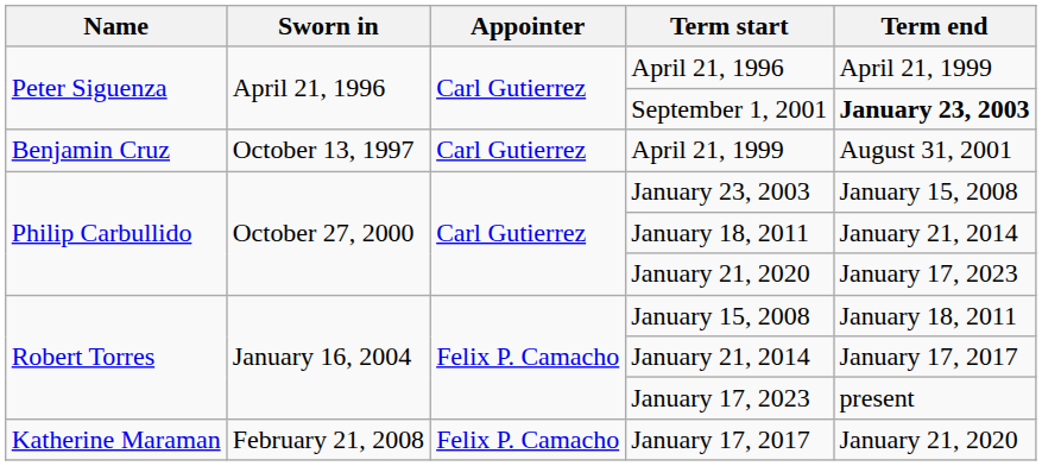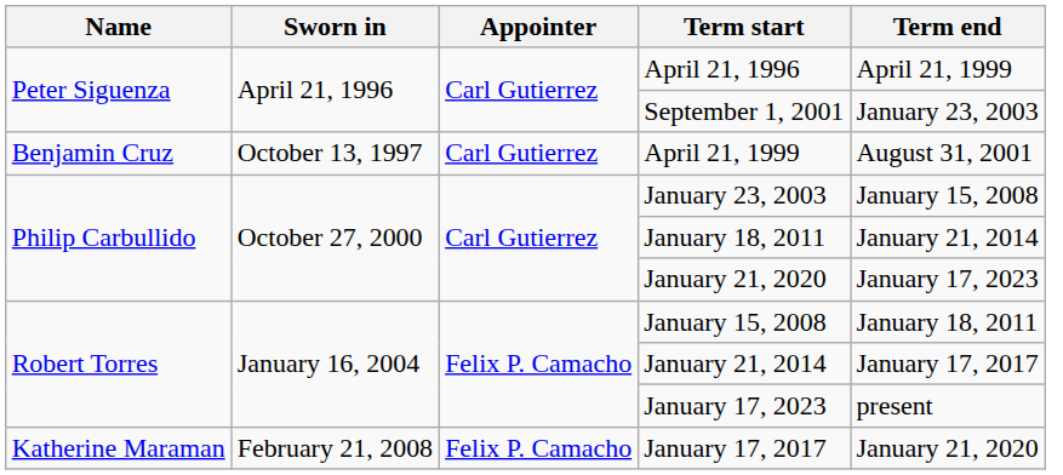 <table class="wikitable sortable">
 <tr>
 <th>Name</th>
 <th>Sworn in</th>
 <th>Appointer</th>
 <th>Term start</th>
 <th>Term end</th>
 </tr>
 <tr>
 <td rowspan=2><a href='#'>Peter Siguenza</a></td>
 <td rowspan=2>April 21, 1996</td>
 <td rowspan=2><a href='#'>Carl Gutierrez</a></td>
 <td>April 21, 1996</td>
 <td>April 21, 1999</td>
 </tr>
 <tr>
 <td>September 1, 2001</td>
-<td><strong>January 23, 2003</strong></td>
+<td>January 23, 2003</td>
 </tr>
 <tr>
 <td><a href='#'>Benjamin Cruz</a></td>
 <td>October 13, 1997</td>
 <td><a href='#'>Carl Gutierrez</a></td>
 <td>April 21, 1999</td>
 <td>August 31, 2001</td>
 </tr>
 <tr>
 <td rowspan=3><a href='#'>Philip Carbullido</a></td>
 <td rowspan=3>October 27, 2000</td>
 <td rowspan=3><a href='#'>Carl Gutierrez</a></td>
 <td>January 23, 2003</td>
 <td>January 15, 2008</td>
 </tr>
 <tr>
 <td>January 18, 2011</td>
 <td>January 21, 2014</td>
 </tr>
 <tr>
 <td>January 21, 2020</td>
 <td>January 17, 2023</td>
 </tr>
 <tr>
 <td rowspan=3><a href='#'>Robert Torres</a></td>
 <td rowspan=3>January 16, 2004</td>
 <td rowspan=3><a href='#'>Felix P. Camacho</a></td>
 <td>January 15, 2008</td>
 <td>January 18, 2011</td>
 </tr>
 <tr>
 <td>January 21, 2014</td>
 <td>January 17, 2017</td>
 </tr>
 <tr>
 <td>January 17, 2023</td>
 <td>present</td>
 </tr>
 <tr>
 <td><a href='#'>Katherine Maraman</a></td>
 <td>February 21, 2008</td>
 <td><a href='#'>Felix P. Camacho</a></td>
 <td>January 17, 2017</td>
 <td>January 21, 2020</td>
 </tr>
 </table>
